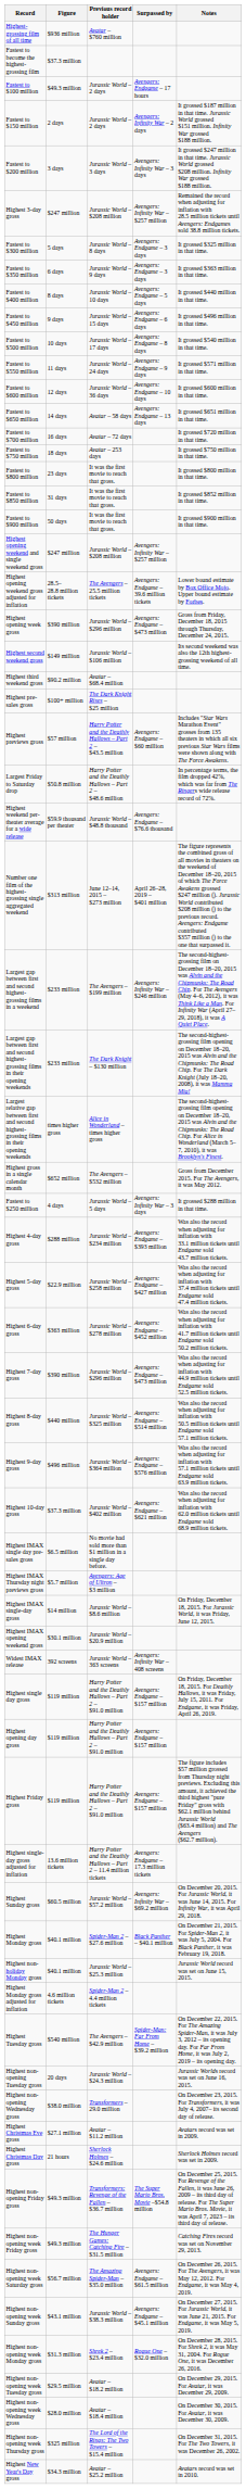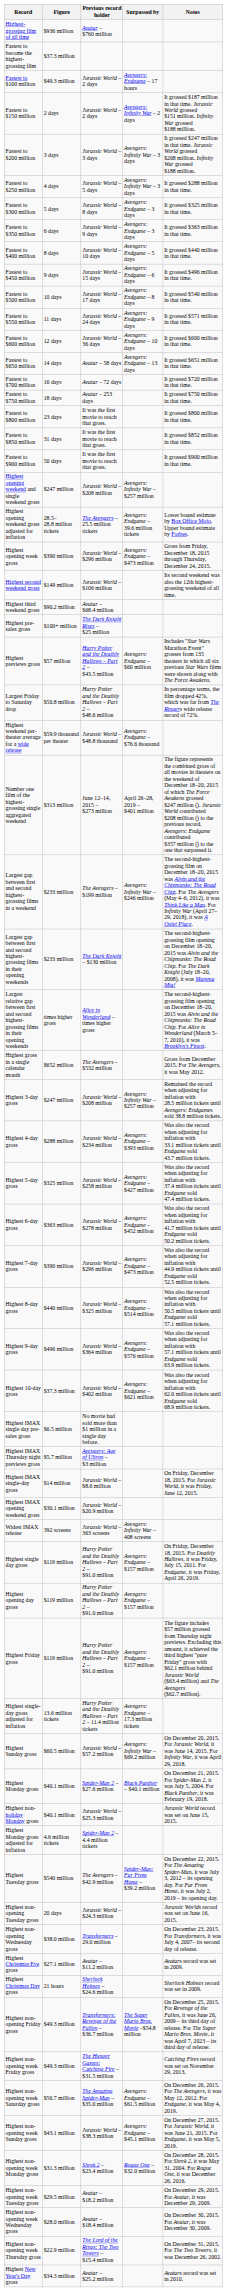 <table class="wikitable">
 <tr>
 <th>Record</th>
 <th>Figure</th>
 <th>Previous record holder</th>
 <th>Surpassed by</th>
 <th>Notes</th>
 </tr>
 <tr>
 <td><a href='#'>Highest-grossing film of all time</a></td>
 <td>$936 million</td>
 <td><em><a href='#'>Avatar</a></em> – $760 million</td>
 <td></td>
 <td></td>
 </tr>
 <tr>
 <td>Fastest to become the highest-grossing film</td>
 <td>$37.3 million</td>
 <td></td>
 <td></td>
 <td></td>
 </tr>
 <tr>
 <td><a href='#'>Fastest to</a> $100 million</td>
 <td>$49.3 million</td>
 <td><em>Jurassic World</em> – 2 days</td>
 <td><em><a href='#'>Avengers: Endgame</a></em> – 17 hours</td>
 <td></td>
 </tr>
 <tr>
 <td>Fastest to $150 million</td>
 <td>2 days</td>
 <td><em>Jurassic World</em> – 2 days</td>
 <td><em><a href='#'>Avengers: Infinity War</a></em> – 2 days</td>
 <td>It grossed $187 million in that time. <em>Jurassic World</em> grossed $151 million. <em>Infinity War</em> grossed $188 million.</td>
 </tr>
 <tr>
 <td>Fastest to $200 million</td>
 <td>3 days</td>
 <td><em>Jurassic World</em> – 3 days</td>
 <td><em>Avengers: Infinity War</em> – 3 days</td>
 <td>It grossed $247 million in that time. <em>Jurassic World</em> grossed $208 million. <em>Infinity War</em> grossed $188 million.</td>
 </tr>
 <tr>
-<td>Highest 3-day gross</td>
-<td>$247 million</td>
-<td><em>Jurassic World</em> – $208 million</td>
-<td><em>Avengers: Infinity War</em> – $257 million</td>
-<td>Remained the record when adjusting for inflation with  28.5 million tickets until <em>Avengers: Endgame</em>s sold  38.8 million tickets.</td>
+<td>Fastest to $250 million</td>
+<td>4 days</td>
+<td><em>Jurassic World</em> – 5 days</td>
+<td><em>Avengers: Infinity War</em> – 3 days</td>
+<td>It grossed $288 million in that time.</td>
 </tr>
 <tr>
 <td>Fastest to $300 million</td>
 <td>5 days</td>
 <td><em>Jurassic World</em> – 8 days</td>
 <td><em>Avengers: Endgame</em> – 3 days</td>
 <td>It grossed $325 million in that time.</td>
 </tr>
 <tr>
 <td>Fastest to $350 million</td>
 <td>6 days</td>
 <td><em>Jurassic World</em> – 9 days</td>
 <td><em>Avengers: Endgame</em> – 3 days</td>
 <td>It grossed $363 million in that time.</td>
 </tr>
 <tr>
 <td>Fastest to $400 million</td>
 <td>8 days</td>
 <td><em>Jurassic World</em> – 10 days</td>
 <td><em>Avengers: Endgame</em> – 5 days</td>
 <td>It grossed $440 million in that time.</td>
 </tr>
 <tr>
 <td>Fastest to $450 million</td>
 <td>9 days</td>
 <td><em>Jurassic World</em> – 15 days</td>
 <td><em>Avengers: Endgame</em> – 6 days</td>
 <td>It grossed $496 million in that time.</td>
 </tr>
 <tr>
 <td>Fastest to $500 million</td>
 <td>10 days</td>
 <td><em>Jurassic World</em> – 17 days</td>
 <td><em>Avengers: Endgame</em> – 8 days</td>
 <td>It grossed $540 million in that time.</td>
 </tr>
 <tr>
 <td>Fastest to $550 million</td>
 <td>11 days</td>
 <td><em>Jurassic World</em> – 24 days</td>
 <td><em>Avengers: Endgame</em> – 9 days</td>
 <td>It grossed $571 million in that time.</td>
 </tr>
 <tr>
 <td>Fastest to $600 million</td>
 <td>12 days</td>
 <td><em>Jurassic World</em> – 36 days</td>
 <td><em>Avengers: Endgame</em> – 10 days</td>
 <td>It grossed $600 million in that time.</td>
 </tr>
 <tr>
 <td>Fastest to $650 million</td>
 <td>14 days</td>
 <td><em>Avatar</em> – 58 days</td>
 <td><em>Avengers: Endgame</em> – 13 days</td>
 <td>It grossed $651 million in that time.</td>
 </tr>
 <tr>
 <td>Fastest to $700 million</td>
 <td>16 days</td>
 <td><em>Avatar</em> – 72 days</td>
 <td></td>
 <td>It grossed $720 million in that time.</td>
 </tr>
 <tr>
 <td>Fastest to $750 million</td>
 <td>18 days</td>
 <td><em>Avatar</em> – 253 days</td>
 <td></td>
 <td>It grossed $750 million in that time.</td>
 </tr>
 <tr>
 <td>Fastest to $800 million</td>
 <td>23 days</td>
 <td>It was the first movie to reach that gross.</td>
 <td></td>
 <td>It grossed $800 million in that time.</td>
 </tr>
 <tr>
 <td>Fastest to $850 million</td>
 <td>31 days</td>
 <td>It was the first movie to reach that gross.</td>
 <td></td>
 <td>It grossed $852 million in that time.</td>
 </tr>
 <tr>
 <td>Fastest to $900 million</td>
 <td>50 days</td>
 <td>It was the first movie to reach that gross.</td>
 <td></td>
 <td>It grossed $900 million in that time.</td>
 </tr>
 <tr>
 <td><a href='#'>Highest opening weekend</a> and single weekend gross</td>
 <td>$247 million</td>
 <td><em>Jurassic World</em> – $208 million</td>
 <td><em>Avengers: Infinity War</em> – $257 million</td>
 <td></td>
 </tr>
 <tr>
 <td>Highest opening weekend gross adjusted for inflation</td>
 <td> 28.5–28.8 million tickets</td>
 <td><em><a href='#'>The Avengers</a></em> –  25.5 million tickets</td>
 <td><em>Avengers: Endgame</em> –  39.6 million tickets</td>
 <td>Lower bound estimate by <a href='#'>Box Office Mojo</a>. Upper bound estimate by <a href='#'>Forbes</a>.</td>
 </tr>
 <tr>
 <td>Highest opening week gross</td>
 <td>$390 million</td>
 <td><em>Jurassic World</em> – $296 million</td>
 <td><em>Avengers: Endgame</em> – $473 million</td>
 <td>Gross from Friday, December 18, 2015 through Thursday, December 24, 2015.</td>
 </tr>
 <tr>
 <td><a href='#'>Highest second weekend gross</a></td>
 <td>$149 million</td>
 <td><em>Jurassic World</em> – $106 million</td>
 <td></td>
 <td>Its second weekend was also the 12th highest-grossing weekend of all time.</td>
 </tr>
 <tr>
 <td>Highest third weekend gross</td>
 <td>$90.2 million</td>
 <td><em>Avatar</em> – $68.4 million</td>
 <td></td>
 <td></td>
 </tr>
 <tr>
 <td>Highest pre-sales gross</td>
 <td>$100+ million</td>
 <td><em><a href='#'>The Dark Knight Rises</a></em> – $25 million</td>
 <td></td>
 <td></td>
 </tr>
 <tr>
 <td>Highest previews gross</td>
 <td>$57 million</td>
 <td><em><a href='#'>Harry Potter and the Deathly Hallows – Part 2</a></em> – $43.5 million</td>
 <td><em>Avengers: Endgame</em> – $60 million</td>
 <td>Includes "<em>Star Wars</em> Marathon Event" grosses from 135 theaters in which all six previous <em>Star Wars</em> films were shown along with <em>The Force Awakens</em>.</td>
 </tr>
 <tr>
 <td>Largest Friday to Saturday drop</td>
 <td>$50.8 million</td>
 <td><em>Harry Potter and the Deathly Hallows – Part 2</em> – $48.6 million</td>
 <td></td>
 <td>In percentage terms, the film dropped 42%, which was far from <em><a href='#'>The Ringer</a></em>s wide release record of 72%.</td>
 </tr>
 <tr>
 <td>Highest weekend per-theater average for a <a href='#'>wide release</a></td>
 <td>$59.9 thousand per theater</td>
 <td><em>Jurassic World</em> – $48.8 thousand</td>
 <td><em>Avengers: Endgame</em> – $76.6 thousand</td>
 <td></td>
 </tr>
 <tr>
 <td>Number one film of the highest-grossing single aggregated weekend</td>
 <td>$313 million</td>
 <td>June 12–14, 2015 – $273 million</td>
 <td>April 26–28, 2019 – $401 million</td>
 <td>The figure represents the combined gross of all movies in theaters on the weekend of December 18–20, 2015 of which <em>The Force Awakens</em> grossed $247 million (). <em>Jurassic World</em> contributed $208 million () to the previous record. <em>Avengers: Endgame</em> contributed $357 million () to the one that surpassed it.</td>
 </tr>
 <tr>
 <td>Largest gap between first and second highest-grossing films in a weekend</td>
 <td>$233 million</td>
 <td><em>The Avengers</em> – $199 million</td>
 <td><em>Avengers: Infinity War</em> – $246 million</td>
 <td>The second-highest-grossing film on December 18–20, 2015 was <em><a href='#'>Alvin and the Chipmunks: The Road Chip</a></em>. For <em>The Avengers</em> (May 4–6, 2012), it was <em><a href='#'>Think Like a Man</a></em>. For <em>Infinity War</em> (April 27–29, 2018), it was <em><a href='#'>A Quiet Place</a></em>.</td>
 </tr>
 <tr>
 <td>Largest gap between first and second highest-grossing films in their opening weekends</td>
 <td>$233 million</td>
 <td><em><a href='#'>The Dark Knight</a></em> – $130 million</td>
 <td></td>
 <td>The second-highest-grossing film opening on December 18–20, 2015 was <em>Alvin and the Chipmunks: The Road Chip</em>. For <em>The Dark Knight</em> (July 18–20, 2008), it was <em><a href='#'>Mamma Mia!</a></em></td>
 </tr>
 <tr>
 <td>Largest relative gap between first and second highest-grossing films in their opening weekends</td>
 <td> times higher gross</td>
 <td><em><a href='#'>Alice in Wonderland</a></em> –  times higher gross</td>
 <td></td>
 <td>The second-highest-grossing film opening on December 18–20, 2015 was <em>Alvin and the Chipmunks: The Road Chip</em>. For <em>Alice in Wonderland</em> (March 5–7, 2010), it was <em><a href='#'>Brooklyn's Finest</a></em>.</td>
 </tr>
 <tr>
 <td>Highest gross in a single calendar month</td>
 <td>$652 million</td>
 <td><em>The Avengers</em> – $532 million</td>
 <td></td>
 <td>Gross from December 2015. For <em>The Avengers</em>, it was May 2012.</td>
 </tr>
 <tr>
-<td>Fastest to $250 million</td>
-<td>4 days</td>
-<td><em>Jurassic World</em> – 5 days</td>
-<td><em>Avengers: Infinity War</em> – 3 days</td>
-<td>It grossed $288 million in that time.</td>
+<td>Highest 3-day gross</td>
+<td>$247 million</td>
+<td><em>Jurassic World</em> – $208 million</td>
+<td><em>Avengers: Infinity War</em> – $257 million</td>
+<td>Remained the record when adjusting for inflation with  28.5 million tickets until <em>Avengers: Endgame</em>s sold  38.8 million tickets.</td>
 </tr>
 <tr>
 <td>Highest 4-day gross</td>
 <td>$288 million</td>
 <td><em>Jurassic World</em> – $234 million</td>
 <td><em>Avengers: Endgame</em> – $393 million</td>
 <td>Was also the record when adjusting for inflation with  33.1 million tickets until <em>Endgame</em> sold  43.7 million tickets.</td>
 </tr>
 <tr>
 <td>Highest 5-day gross</td>
-<td>$22.9 million</td>
+<td>$325 million</td>
 <td><em>Jurassic World</em> – $258 million</td>
 <td><em>Avengers: Endgame</em> – $427 million</td>
 <td>Was also the record when adjusting for inflation with  37.4 million tickets until <em>Endgame</em> sold  47.4 million tickets.</td>
 </tr>
 <tr>
 <td>Highest 6-day gross</td>
 <td>$363 million</td>
 <td><em>Jurassic World</em> – $278 million</td>
 <td><em>Avengers: Endgame</em> – $452 million</td>
 <td>Was also the record when adjusting for inflation with  41.7 million tickets until <em>Endgame</em> sold  50.2 million tickets.</td>
 </tr>
 <tr>
 <td>Highest 7-day gross</td>
 <td>$390 million</td>
 <td><em>Jurassic World</em> – $296 million</td>
 <td><em>Avengers: Endgame</em> – $473 million</td>
 <td>Was also the record when adjusting for inflation with  44.9 million tickets until <em>Endgame</em> sold  52.5 million tickets.</td>
 </tr>
 <tr>
 <td>Highest 8-day gross</td>
 <td>$440 million</td>
 <td><em>Jurassic World</em> – $325 million</td>
 <td><em>Avengers: Endgame</em> – $514 million</td>
 <td>Was also the record when adjusting for inflation with  50.5 million tickets until <em>Endgame</em> sold  57.1 million tickets.</td>
 </tr>
 <tr>
 <td>Highest 9-day gross</td>
 <td>$496 million</td>
 <td><em>Jurassic World</em> – $364 million</td>
 <td><em>Avengers: Endgame</em> – $576 million</td>
 <td>Was also the record when adjusting for inflation with  57.1 million tickets until <em>Endgame</em> sold  63.9 million tickets.</td>
 </tr>
 <tr>
 <td>Highest 10-day gross</td>
 <td>$37.3 million</td>
 <td><em>Jurassic World</em> – $402 million</td>
 <td><em>Avengers: Endgame</em> – $621 million</td>
 <td>Was also the record when adjusting for inflation with  62.0 million tickets until <em>Endgame</em> sold  68.9 million tickets.</td>
 </tr>
 <tr>
 <td>Highest IMAX single day pre-sales gross</td>
 <td>$6.5 million</td>
 <td>No movie had sold more than $1 million in a single day before.</td>
 <td></td>
 <td></td>
 </tr>
 <tr>
 <td>Highest IMAX Thursday night previews gross</td>
 <td>$5.7 million</td>
 <td><em><a href='#'>Avengers: Age of Ultron</a></em> – $3 million</td>
 <td></td>
 <td></td>
 </tr>
 <tr>
 <td>Highest IMAX single-day gross</td>
 <td>$14 million</td>
 <td><em>Jurassic World</em> – $8.6 million</td>
 <td></td>
 <td>On Friday, December 18, 2015. For <em>Jurassic World</em>, it was Friday, June 12, 2015.</td>
 </tr>
 <tr>
 <td>Highest IMAX opening weekend gross</td>
 <td>$30.1 million</td>
 <td><em>Jurassic World</em> – $20.9 million</td>
 <td></td>
 <td></td>
 </tr>
 <tr>
 <td>Widest IMAX release</td>
 <td>392 screens</td>
 <td><em>Jurassic World</em> – 363 screens</td>
 <td><em>Avengers: Infinity War</em> – 408 screens</td>
 <td></td>
 </tr>
 <tr>
 <td>Highest single day gross</td>
 <td>$119 million</td>
 <td><em>Harry Potter and the Deathly Hallows – Part 2</em> – $91.0 million</td>
 <td><em>Avengers: Endgame</em> – $157 million</td>
 <td>On Friday, December 18, 2015. For <em>Deathly Hallows</em>, it was Friday, July 15, 2011. For <em>Endgame</em>, it was Friday, April 26, 2019.</td>
 </tr>
 <tr>
 <td>Highest opening day gross</td>
 <td>$119 million</td>
 <td><em>Harry Potter and the Deathly Hallows – Part 2</em> – $91.0 million</td>
 <td><em>Avengers: Endgame</em> – $157 million</td>
 <td></td>
 </tr>
 <tr>
 <td>Highest Friday gross</td>
 <td>$119 million</td>
 <td><em>Harry Potter and the Deathly Hallows – Part 2</em> – $91.0 million</td>
 <td><em>Avengers: Endgame</em> – $157 million</td>
 <td>The figure includes $57 million grossed from Thursday night previews. Excluding this amount, it achieved the third highest "pure Friday" gross with $62.1 million behind <em>Jurassic World</em> ($63.4 million) and <em>The Avengers</em> ($62.7 million).</td>
 </tr>
 <tr>
 <td>Highest single-day gross adjusted for inflation</td>
 <td> 13.6 million tickets</td>
 <td><em>Harry Potter and the Deathly Hallows – Part 2</em> –  11.4 million tickets</td>
 <td><em>Avengers: Endgame</em> –  17.3 million tickets</td>
 <td></td>
 </tr>
 <tr>
 <td>Highest Sunday gross</td>
 <td>$60.5 million</td>
 <td><em>Jurassic World</em> – $57.2 million</td>
 <td><em>Avengers: Infinity War</em> – $69.2 million</td>
 <td>On December 20, 2015. For <em>Jurassic World</em>, it was June 14, 2015. For <em>Infinity War</em>, it was April 29, 2018.</td>
 </tr>
 <tr>
 <td>Highest Monday gross</td>
 <td>$40.1 million</td>
 <td><em><a href='#'>Spider-Man 2</a></em> – $27.6 million</td>
 <td><em><a href='#'>Black Panther</a></em> – $40.1 million</td>
 <td>On December 21, 2015. For <em>Spider-Man 2</em>, it was July 5, 2004. For <em>Black Panther</em>, it was February 19, 2018.</td>
 </tr>
 <tr>
 <td>Highest non-<a href='#'>holiday Monday</a> gross</td>
 <td>$40.1 million</td>
 <td><em>Jurassic World</em> – $25.3 million</td>
 <td></td>
 <td><em>Jurassic World</em> record was set on June 15, 2015.</td>
 </tr>
 <tr>
 <td>Highest Monday gross adjusted for inflation</td>
 <td> 4.6 million tickets</td>
 <td><em><a href='#'>Spider-Man 2</a></em> –  4.4 million tickets</td>
 <td></td>
 <td></td>
 </tr>
 <tr>
 <td>Highest Tuesday gross</td>
 <td>$540 million</td>
 <td><em>The Avengers</em> – $42.9 million</td>
 <td><em><a href='#'>Spider-Man: Far From Home</a></em> – $39.2 million<em></em></td>
 <td>On December 22, 2015. For <em>The Amazing Spider-Man</em>, it was July 3, 2012 – its opening day. For <em>Far From Home</em>, it was July 2, 2019 – its opening day.</td>
 </tr>
 <tr>
 <td>Highest non-opening Tuesday gross</td>
 <td>20 days</td>
 <td><em>Jurassic World</em> – $24.3 million</td>
 <td></td>
 <td><em>Jurassic World</em>s record was set on June 16, 2015.</td>
 </tr>
 <tr>
 <td>Highest non-opening Wednesday gross</td>
 <td>$38.0 million</td>
 <td><em><a href='#'>Transformers</a></em> – 29.0 million</td>
 <td></td>
 <td>On December 23, 2015. For <em>Transformers</em>, it was July 4, 2007– its second day of release.</td>
 </tr>
 <tr>
 <td>Highest <a href='#'>Christmas Eve</a> gross</td>
 <td>$27.1 million</td>
 <td><em>Avatar</em> – $11.2 million</td>
 <td></td>
 <td><em>Avatar</em>s record was set in 2009.</td>
 </tr>
 <tr>
 <td>Highest <a href='#'>Christmas Day</a> gross</td>
 <td>21 hours</td>
 <td><em><a href='#'>Sherlock Holmes</a> –</em> $24.6 million</td>
 <td></td>
 <td><em>Sherlock Holmes</em> record was set in 2009.</td>
 </tr>
 <tr>
 <td>Highest non-opening Friday gross</td>
 <td>$49.3 million</td>
 <td><em><a href='#'>Transformers: Revenge of the Fallen</a> –</em> $36.7 million</td>
 <td><em><a href='#'>The Super Mario Bros. Movie</a> –</em>$54.8 million</td>
 <td>On December 25, 2015. For <em>Revenge of the Fallen</em>, it was June 26, 2009 – its third day of release. For <em>The Super Mario Bros. Movie</em>, it was April 7, 2023 – its third day of release.</td>
 </tr>
 <tr>
 <td>Highest non-opening week Friday gross</td>
 <td>$49.3 million</td>
 <td><em><a href='#'>The Hunger Games: Catching Fire</a></em> – $31.5 million</td>
 <td></td>
 <td><em>Catching Fire</em>s record was set on November 29, 2013.</td>
 </tr>
 <tr>
 <td>Highest non-opening week Saturday gross</td>
 <td>$56.7 million</td>
 <td><em><a href='#'>The Amazing Spider-Man</a></em> – $35.0 million</td>
 <td><em>Avengers: Endgame</em> – $61.5 million</td>
 <td>On December 26, 2015. For <em>The Avengers</em>, it was May 12, 2012. For <em>Endgame</em>, it was May 4, 2019.</td>
 </tr>
 <tr>
 <td>Highest non-opening week Sunday gross</td>
 <td>$43.1 million</td>
 <td><em>Jurassic World</em> – $38.3 million</td>
 <td><em>Avengers: Endgame</em> – $45.1 million</td>
 <td>On December 27, 2015. For <em>Jurassic World</em>, it was June 21, 2015. For <em>Endgame</em>, it was May 5, 2019.</td>
 </tr>
 <tr>
 <td>Highest non-opening week Monday gross</td>
 <td>$31.3 million</td>
 <td><em><a href='#'>Shrek 2</a></em> – $23.4 million</td>
 <td><em><a href='#'>Rogue One</a></em> – $32.0 million</td>
 <td>On December 28, 2015. For <em>Shrek 2</em>, it was May 31, 2004. For <em>Rogue One</em>, it was December 26, 2016.</td>
 </tr>
 <tr>
 <td>Highest non-opening week Tuesday gross</td>
 <td>$29.5 million</td>
 <td><em>Avatar</em> – $18.2 million</td>
 <td></td>
 <td>On December 29, 2015. For <em>Avatar</em>, it was December 29, 2009.</td>
 </tr>
 <tr>
 <td>Highest non-opening week Wednesday gross</td>
 <td>$28.0 million</td>
 <td><em>Avatar</em> – $18.4 million</td>
 <td></td>
 <td>On December 30, 2015. For <em>Avatar</em>, it was December 30, 2009.</td>
 </tr>
 <tr>
 <td>Highest non-opening week Thursday gross</td>
-<td>$325 million</td>
+<td>$22.9 million</td>
 <td><em><a href='#'>The Lord of the Rings: The Two Towers</a></em> – $15.4 million</td>
 <td></td>
 <td>On December 31, 2015. For <em>The Two Towers</em>, it was December 26, 2002.</td>
 </tr>
 <tr>
 <td>Highest <a href='#'>New Year's Day</a> gross</td>
 <td>$34.3 million</td>
 <td><em>Avatar</em> – $25.2 million</td>
 <td></td>
 <td><em>Avatar</em>s record was set in 2010.</td>
 </tr>
 </table>
